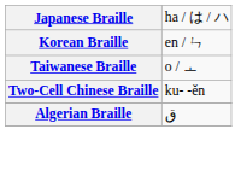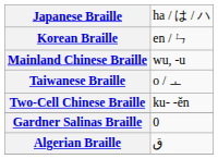 <table class="wikitable">
 <tr>
 <th align=left><a href='#'>Japanese Braille</a></th>
 <td>ha / は / ハ </td>
 </tr>
 <tr>
 <th align=left><a href='#'>Korean Braille</a></th>
 <td>en / ㄣ</td>
+</tr>
+<tr>
+<th align=left><a href='#'>Mainland Chinese Braille</a></th>
+<td>wu, -u </td>
 </tr>
 <tr>
 <th align=left><a href='#'>Taiwanese Braille</a></th>
 <td>o / ㅗ </td>
 </tr>
 <tr>
 <th align=left><a href='#'>Two-Cell Chinese Braille</a></th>
 <td>ku- -ěn</td>
 </tr>
 <tr>
 </tr>
 <tr>
+<th align=left><a href='#'>Gardner Salinas Braille</a></th>
+<td>0 </td>
+</tr>
+<tr>
 <th align=left><a href='#'>Algerian Braille</a></th>
 <td>ق ‎</td>
 </tr>
 <tr>
 </tr>
 </table>
